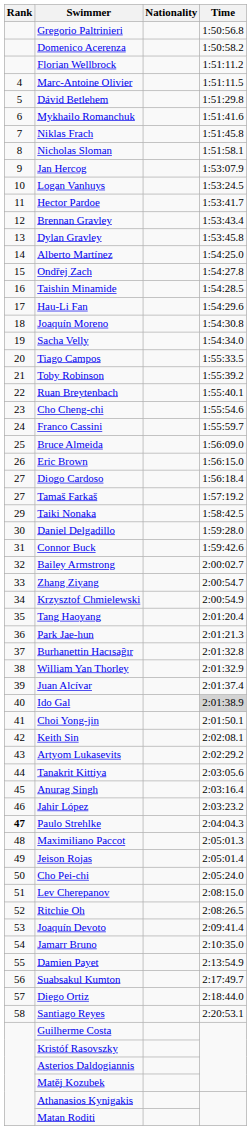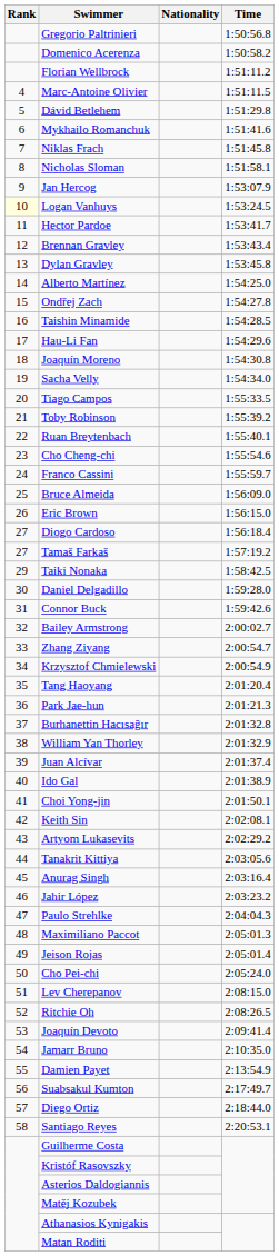 <table class="wikitable sortable" style="text-align:center">
 <tr>
 <th>Rank</th>
 <th>Swimmer</th>
 <th>Nationality</th>
 <th>Time</th>
 </tr>
 <tr>
 <td></td>
 <td align=left><a href='#'>Gregorio Paltrinieri</a></td>
 <td align=left></td>
 <td>1:50:56.8</td>
 </tr>
 <tr>
 <td></td>
 <td align=left><a href='#'>Domenico Acerenza</a></td>
 <td align=left></td>
 <td>1:50:58.2</td>
 </tr>
 <tr>
 <td></td>
 <td align=left><a href='#'>Florian Wellbrock</a></td>
 <td align=left></td>
 <td>1:51:11.2</td>
 </tr>
 <tr>
 <td>4</td>
 <td align=left><a href='#'>Marc-Antoine Olivier</a></td>
 <td align=left></td>
 <td>1:51:11.5</td>
 </tr>
 <tr>
 <td>5</td>
 <td align=left><a href='#'>Dávid Betlehem</a></td>
 <td align=left></td>
 <td>1:51:29.8</td>
 </tr>
 <tr>
 <td>6</td>
 <td align=left><a href='#'>Mykhailo Romanchuk</a></td>
 <td align=left></td>
 <td>1:51:41.6</td>
 </tr>
 <tr>
 <td>7</td>
 <td align=left><a href='#'>Niklas Frach</a></td>
 <td align=left></td>
 <td>1:51:45.8</td>
 </tr>
 <tr>
 <td>8</td>
 <td align=left><a href='#'>Nicholas Sloman</a></td>
 <td align=left></td>
 <td>1:51:58.1</td>
 </tr>
 <tr>
 <td>9</td>
 <td align=left><a href='#'>Jan Hercog</a></td>
 <td align=left></td>
 <td>1:53:07.9</td>
 </tr>
 <tr>
-<td>10</td>
+<td style="background: lightyellow;">10</td>
 <td align=left><a href='#'>Logan Vanhuys</a></td>
 <td align=left></td>
 <td>1:53:24.5</td>
 </tr>
 <tr>
 <td>11</td>
 <td align=left><a href='#'>Hector Pardoe</a></td>
 <td align=left></td>
 <td>1:53:41.7</td>
 </tr>
 <tr>
 <td>12</td>
 <td align=left><a href='#'>Brennan Gravley</a></td>
 <td align=left></td>
 <td>1:53:43.4</td>
 </tr>
 <tr>
 <td>13</td>
 <td align=left><a href='#'>Dylan Gravley</a></td>
 <td align=left></td>
 <td>1:53:45.8</td>
 </tr>
 <tr>
 <td>14</td>
 <td align=left><a href='#'>Alberto Martínez</a></td>
 <td align=left></td>
 <td>1:54:25.0</td>
 </tr>
 <tr>
 <td>15</td>
 <td align=left><a href='#'>Ondřej Zach</a></td>
 <td align=left></td>
 <td>1:54:27.8</td>
 </tr>
 <tr>
 <td>16</td>
 <td align=left><a href='#'>Taishin Minamide</a></td>
 <td align=left></td>
 <td>1:54:28.5</td>
 </tr>
 <tr>
 <td>17</td>
 <td align=left><a href='#'>Hau-Li Fan</a></td>
 <td align=left></td>
 <td>1:54:29.6</td>
 </tr>
 <tr>
 <td>18</td>
 <td align=left><a href='#'>Joaquín Moreno</a></td>
 <td align=left></td>
 <td>1:54:30.8</td>
 </tr>
 <tr>
 <td>19</td>
 <td align=left><a href='#'>Sacha Velly</a></td>
 <td align=left></td>
 <td>1:54:34.0</td>
 </tr>
 <tr>
 <td>20</td>
 <td align=left><a href='#'>Tiago Campos</a></td>
 <td align=left></td>
 <td>1:55:33.5</td>
 </tr>
 <tr>
 <td>21</td>
 <td align=left><a href='#'>Toby Robinson</a></td>
 <td align=left></td>
 <td>1:55:39.2</td>
 </tr>
 <tr>
 <td>22</td>
 <td align=left><a href='#'>Ruan Breytenbach</a></td>
 <td align=left></td>
 <td>1:55:40.1</td>
 </tr>
 <tr>
 <td>23</td>
 <td align=left><a href='#'>Cho Cheng-chi</a></td>
 <td align=left></td>
 <td>1:55:54.6</td>
 </tr>
 <tr>
 <td>24</td>
 <td align=left><a href='#'>Franco Cassini</a></td>
 <td align=left></td>
 <td>1:55:59.7</td>
 </tr>
 <tr>
 <td>25</td>
 <td align=left><a href='#'>Bruce Almeida</a></td>
 <td align=left></td>
 <td>1:56:09.0</td>
 </tr>
 <tr>
 <td>26</td>
 <td align=left><a href='#'>Eric Brown</a></td>
 <td align=left></td>
 <td>1:56:15.0</td>
 </tr>
 <tr>
 <td>27</td>
 <td align=left><a href='#'>Diogo Cardoso</a></td>
 <td align=left></td>
 <td>1:56:18.4</td>
 </tr>
 <tr>
 <td>27</td>
 <td align=left><a href='#'>Tamaš Farkaš</a></td>
 <td align=left></td>
 <td>1:57:19.2</td>
 </tr>
 <tr>
 <td>29</td>
 <td align=left><a href='#'>Taiki Nonaka</a></td>
 <td align=left></td>
 <td>1:58:42.5</td>
 </tr>
 <tr>
 <td>30</td>
 <td align=left><a href='#'>Daniel Delgadillo</a></td>
 <td align=left></td>
 <td>1:59:28.0</td>
 </tr>
 <tr>
 <td>31</td>
 <td align=left><a href='#'>Connor Buck</a></td>
 <td align=left></td>
 <td>1:59:42.6</td>
 </tr>
 <tr>
 <td>32</td>
 <td align=left><a href='#'>Bailey Armstrong</a></td>
 <td align=left></td>
 <td>2:00:02.7</td>
 </tr>
 <tr>
 <td>33</td>
 <td align=left><a href='#'>Zhang Ziyang</a></td>
 <td align=left></td>
 <td>2:00:54.7</td>
 </tr>
 <tr>
 <td>34</td>
 <td align=left><a href='#'>Krzysztof Chmielewski</a></td>
 <td align=left></td>
 <td>2:00:54.9</td>
 </tr>
 <tr>
 <td>35</td>
 <td align=left><a href='#'>Tang Haoyang</a></td>
 <td align=left></td>
 <td>2:01:20.4</td>
 </tr>
 <tr>
 <td>36</td>
 <td align=left><a href='#'>Park Jae-hun</a></td>
 <td align=left></td>
 <td>2:01:21.3</td>
 </tr>
 <tr>
 <td>37</td>
 <td align=left><a href='#'>Burhanettin Hacısağır</a></td>
 <td align=left></td>
 <td>2:01:32.8</td>
 </tr>
 <tr>
 <td>38</td>
 <td align=left><a href='#'>William Yan Thorley</a></td>
 <td align=left></td>
 <td>2:01:32.9</td>
 </tr>
 <tr>
 <td>39</td>
 <td align=left><a href='#'>Juan Alcívar</a></td>
 <td align=left></td>
 <td>2:01:37.4</td>
 </tr>
 <tr>
 <td>40</td>
 <td align=left><a href='#'>Ido Gal</a></td>
 <td align=left></td>
-<td style="background: lightgrey;">2:01:38.9</td>
+<td>2:01:38.9</td>
 </tr>
 <tr>
 <td>41</td>
 <td align=left><a href='#'>Choi Yong-jin</a></td>
 <td align=left></td>
 <td>2:01:50.1</td>
 </tr>
 <tr>
 <td>42</td>
 <td align=left><a href='#'>Keith Sin</a></td>
 <td align=left></td>
 <td>2:02:08.1</td>
 </tr>
 <tr>
 <td>43</td>
 <td align=left><a href='#'>Artyom Lukasevits</a></td>
 <td align=left></td>
 <td>2:02:29.2</td>
 </tr>
 <tr>
 <td>44</td>
 <td align=left><a href='#'>Tanakrit Kittiya</a></td>
 <td align=left></td>
 <td>2:03:05.6</td>
 </tr>
 <tr>
 <td>45</td>
 <td align=left><a href='#'>Anurag Singh</a></td>
 <td align=left></td>
 <td>2:03:16.4</td>
 </tr>
 <tr>
 <td>46</td>
 <td align=left><a href='#'>Jahir López</a></td>
 <td align=left></td>
 <td>2:03:23.2</td>
 </tr>
 <tr>
-<td><strong>47</strong></td>
+<td>47</td>
 <td align=left><a href='#'>Paulo Strehlke</a></td>
 <td align=left></td>
 <td>2:04:04.3</td>
 </tr>
 <tr>
 <td>48</td>
 <td align=left><a href='#'>Maximiliano Paccot</a></td>
 <td align=left></td>
 <td>2:05:01.3</td>
 </tr>
 <tr>
 <td>49</td>
 <td align=left><a href='#'>Jeison Rojas</a></td>
 <td align=left></td>
 <td>2:05:01.4</td>
 </tr>
 <tr>
 <td>50</td>
 <td align=left><a href='#'>Cho Pei-chi</a></td>
 <td align=left></td>
 <td>2:05:24.0</td>
 </tr>
 <tr>
 <td>51</td>
 <td align=left><a href='#'>Lev Cherepanov</a></td>
 <td align=left></td>
 <td>2:08:15.0</td>
 </tr>
 <tr>
 <td>52</td>
 <td align=left><a href='#'>Ritchie Oh</a></td>
 <td align=left></td>
 <td>2:08:26.5</td>
 </tr>
 <tr>
 <td>53</td>
 <td align=left><a href='#'>Joaquín Devoto</a></td>
 <td align=left></td>
 <td>2:09:41.4</td>
 </tr>
 <tr>
 <td>54</td>
 <td align=left><a href='#'>Jamarr Bruno</a></td>
 <td align=left></td>
 <td>2:10:35.0</td>
 </tr>
 <tr>
 <td>55</td>
 <td align=left><a href='#'>Damien Payet</a></td>
 <td align=left></td>
 <td>2:13:54.9</td>
 </tr>
 <tr>
 <td>56</td>
 <td align=left><a href='#'>Suabsakul Kumton</a></td>
 <td align=left></td>
 <td>2:17:49.7</td>
 </tr>
 <tr>
 <td>57</td>
 <td align=left><a href='#'>Diego Ortiz</a></td>
 <td align=left></td>
 <td>2:18:44.0</td>
 </tr>
 <tr>
 <td>58</td>
 <td align=left><a href='#'>Santiago Reyes</a></td>
 <td align=left></td>
 <td>2:20:53.1</td>
 </tr>
 <tr>
 <td rowspan=6></td>
 <td align=left><a href='#'>Guilherme Costa</a></td>
 <td align=left></td>
 <td rowspan=4></td>
 </tr>
 <tr>
 <td align=left><a href='#'>Kristóf Rasovszky</a></td>
 <td align=left></td>
 </tr>
 <tr>
 <td align=left><a href='#'>Asterios Daldogiannis</a></td>
 <td align=left></td>
 </tr>
 <tr>
 <td align=left><a href='#'>Matěj Kozubek</a></td>
 <td align=left></td>
 </tr>
 <tr>
 <td align=left><a href='#'>Athanasios Kynigakis</a></td>
 <td align=left></td>
 <td rowspan=2></td>
 </tr>
 <tr>
 <td align=left><a href='#'>Matan Roditi</a></td>
 <td align=left></td>
 </tr>
 </table>
